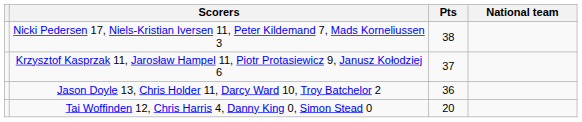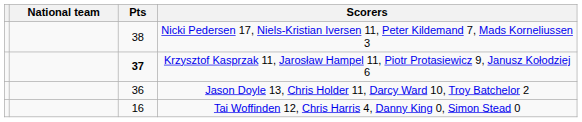 <table class=wikitable>
 <tr>
 <th></th>
+<th width=150>National team</th>
+<th width=50>Pts</th>
 <th width=600>Scorers</th>
-<th width=50>Pts</th>
-<th width=150>National team</th>
 </tr>
 <tr align=center >
 <td></td>
+<td align=left></td>
+<td>38</td>
 <td><a href='#'>Nicki Pedersen</a> 17, <a href='#'>Niels-Kristian Iversen</a> 11, <a href='#'>Peter Kildemand</a> 7, <a href='#'>Mads Korneliussen</a> 3</td>
-<td>38</td>
-<td align=left></td>
 </tr>
 <tr align=center>
 <td></td>
+<td align=left></td>
+<td><strong>37</strong></td>
 <td><a href='#'>Krzysztof Kasprzak</a> 11, <a href='#'>Jarosław Hampel</a> 11, <a href='#'>Piotr Protasiewicz</a> 9, <a href='#'>Janusz Kołodziej</a> 6</td>
-<td>37</td>
-<td align=left></td>
 </tr>
 <tr align=center>
 <td></td>
+<td align=left></td>
+<td>36</td>
 <td><a href='#'>Jason Doyle</a> 13, <a href='#'>Chris Holder</a> 11, <a href='#'>Darcy Ward</a> 10, <a href='#'>Troy Batchelor</a> 2</td>
-<td>36</td>
-<td align=left></td>
 </tr>
 <tr align=center>
 <td></td>
+<td align=left></td>
+<td>16</td>
 <td><a href='#'>Tai Woffinden</a> 12, <a href='#'>Chris Harris</a> 4, <a href='#'>Danny King</a> 0, <a href='#'>Simon Stead</a> 0</td>
-<td>20</td>
-<td align=left></td>
 </tr>
 </table>
